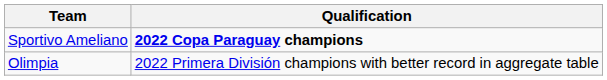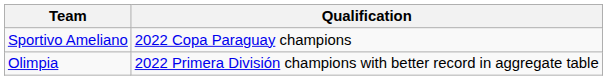 <table class="wikitable">
 <tr>
 <th>Team</th>
 <th>Qualification</th>
 </tr>
 <tr>
 <td><a href='#'>Sportivo Ameliano</a></td>
-<td><strong><a href='#'>2022 Copa Paraguay</a> champions</strong></td>
+<td><a href='#'>2022 Copa Paraguay</a> champions</td>
 </tr>
 <tr>
 <td><a href='#'>Olimpia</a></td>
 <td><a href='#'>2022 Primera División</a> champions with better record in aggregate table</td>
 </tr>
 </table>
